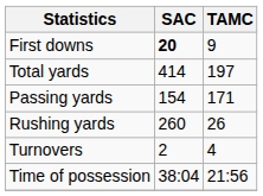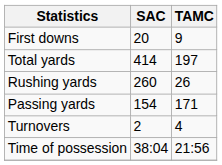 <table class="wikitable" style="float: left;">
 <tr>
 <th>Statistics</th>
 <th>SAC</th>
 <th>TAMC</th>
 </tr>
 <tr>
 <td>First downs</td>
-<td><strong>20</strong></td>
+<td>20</td>
 <td>9</td>
 </tr>
 <tr>
 <td>Total yards</td>
 <td>414</td>
 <td>197</td>
 </tr>
 <tr>
+<td>Rushing yards</td>
+<td>260</td>
+<td>26</td>
+</tr>
+<tr>
 <td>Passing yards</td>
 <td>154</td>
 <td>171</td>
-</tr>
-<tr>
-<td>Rushing yards</td>
-<td>260</td>
-<td>26</td>
 </tr>
 <tr>
 <td>Turnovers</td>
 <td>2</td>
 <td>4</td>
 </tr>
 <tr>
 <td>Time of possession</td>
 <td>38:04</td>
 <td>21:56</td>
 </tr>
 <tr>
 </tr>
 </table>
